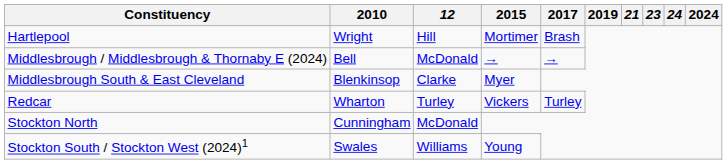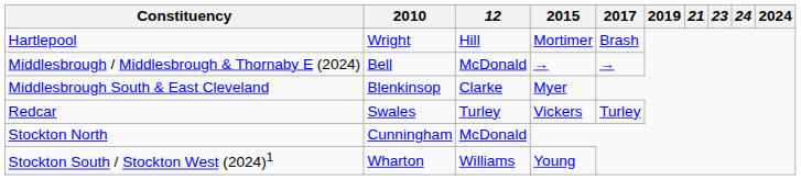 <table class="wikitable">
 <tr>
 <th>Constituency</th>
 <th>2010</th>
 <th><em>12</em></th>
 <th>2015</th>
 <th>2017</th>
 <th>2019</th>
 <th><em>21</em></th>
 <th><em>23</em></th>
 <th><em>24</em></th>
 <th>2024</th>
 </tr>
 <tr>
 <td><a href='#'>Hartlepool</a></td>
 <td><a href='#'>Wright</a></td>
 <td><a href='#'>Hill</a></td>
 <td><a href='#'>Mortimer</a></td>
 <td><a href='#'>Brash</a></td>
 </tr>
 <tr>
 <td><a href='#'>Middlesbrough</a> / <a href='#'>Middlesbrough & Thornaby E</a> (2024)</td>
 <td><a href='#'>Bell</a></td>
 <td><a href='#'>McDonald</a></td>
 <td><a href='#'>→</a></td>
 <td><a href='#'>→</a></td>
 </tr>
 <tr>
 <td><a href='#'>Middlesbrough South & East Cleveland</a></td>
 <td><a href='#'>Blenkinsop</a></td>
 <td><a href='#'>Clarke</a></td>
 <td><a href='#'>Myer</a></td>
 </tr>
 <tr>
 <td><a href='#'>Redcar</a></td>
-<td><a href='#'>Wharton</a></td>
+<td><a href='#'>Swales</a></td>
 <td><a href='#'>Turley</a></td>
 <td><a href='#'>Vickers</a></td>
 <td><a href='#'>Turley</a></td>
 </tr>
 <tr>
 <td><a href='#'>Stockton North</a></td>
 <td><a href='#'>Cunningham</a></td>
 <td><a href='#'>McDonald</a></td>
 </tr>
 <tr>
 <td><a href='#'>Stockton South</a> / <a href='#'>Stockton West</a> (2024)<sup>1</sup></td>
-<td><a href='#'>Swales</a></td>
+<td><a href='#'>Wharton</a></td>
 <td><a href='#'>Williams</a></td>
 <td><a href='#'>Young</a></td>
 </tr>
 </table>
